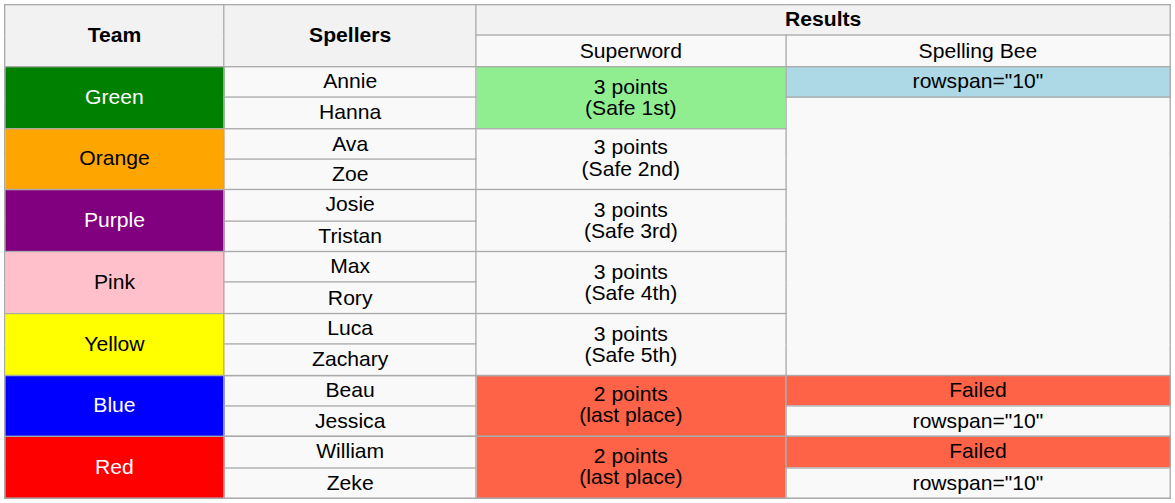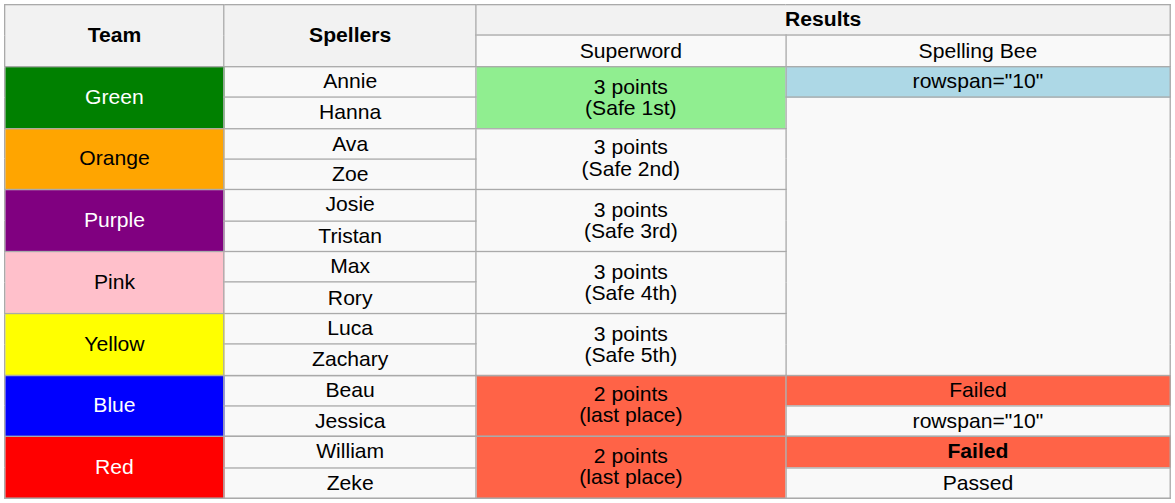 <table class="wikitable plainrowheaders" style="text-align:center; line-height:16px; width:100%;">
 <tr>
 <th rowspan="2">Team</th>
 <th rowspan="2">Spellers</th>
 <th colspan="2">Results</th>
 </tr>
 <tr>
 <td>Superword</td>
 <td>Spelling Bee</td>
 </tr>
 <tr>
 <td rowspan="2" style="background: green; color: white;">Green</td>
 <td>Annie</td>
 <td rowspan="2" style="background: lightgreen; color: black;">3 points<br>(Safe 1st)</td>
 <td style="background: lightblue;">rowspan="10" </td>
 </tr>
 <tr>
 <td>Hanna </td>
 </tr>
 <tr>
 <td rowspan="2" style="background: orange; color: black;">Orange</td>
 <td>Ava</td>
 <td rowspan="2">3 points<br>(Safe 2nd)</td>
 </tr>
 <tr>
 <td>Zoe </td>
 </tr>
 <tr>
 <td rowspan="2" style="background: purple; color: white;">Purple</td>
 <td>Josie</td>
 <td rowspan="2">3 points<br>(Safe 3rd)</td>
 </tr>
 <tr>
 <td>Tristan </td>
 </tr>
 <tr>
 <td rowspan="2" style="background: pink; color: black;">Pink</td>
 <td>Max</td>
 <td rowspan="2">3 points<br>(Safe 4th)</td>
 </tr>
 <tr>
 <td>Rory </td>
 </tr>
 <tr>
 <td rowspan="2" style="background: yellow; color: black;">Yellow</td>
 <td>Luca</td>
 <td rowspan="2">3 points<br>(Safe 5th)</td>
 </tr>
 <tr>
 <td>Zachary </td>
 </tr>
 <tr>
 <td rowspan="3" style="background: blue; color: white;">Blue</td>
 </tr>
 <tr>
 <td>Beau </td>
 <td rowspan="2" style="background: tomato; color: black;">2 points<br>(last place)</td>
 <td style="background: tomato; color: black;">Failed</td>
 </tr>
 <tr>
 <td>Jessica </td>
 <td>rowspan="10" </td>
 </tr>
 <tr>
 <td rowspan="3" style="background: red; color: white;">Red</td>
 </tr>
 <tr>
 <td>William </td>
 <td rowspan="2" style="background: tomato; color: black;">2 points<br>(last place)</td>
-<td style="background: tomato; color: black;">Failed</td>
+<td style="background: tomato; color: black;"><strong>Failed</strong></td>
 </tr>
 <tr>
 <td>Zeke </td>
-<td>rowspan="10" </td>
+<td>Passed</td>
 </tr>
 <tr>
 </tr>
 </table>
